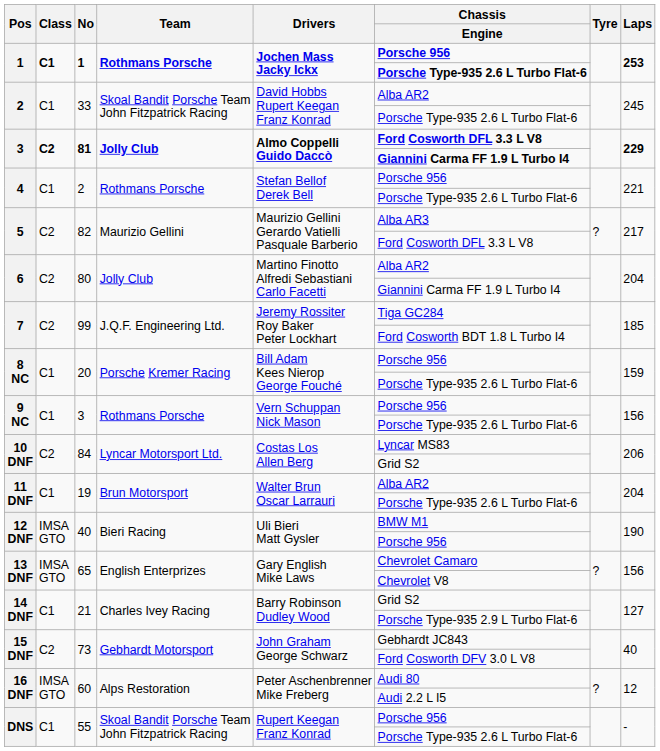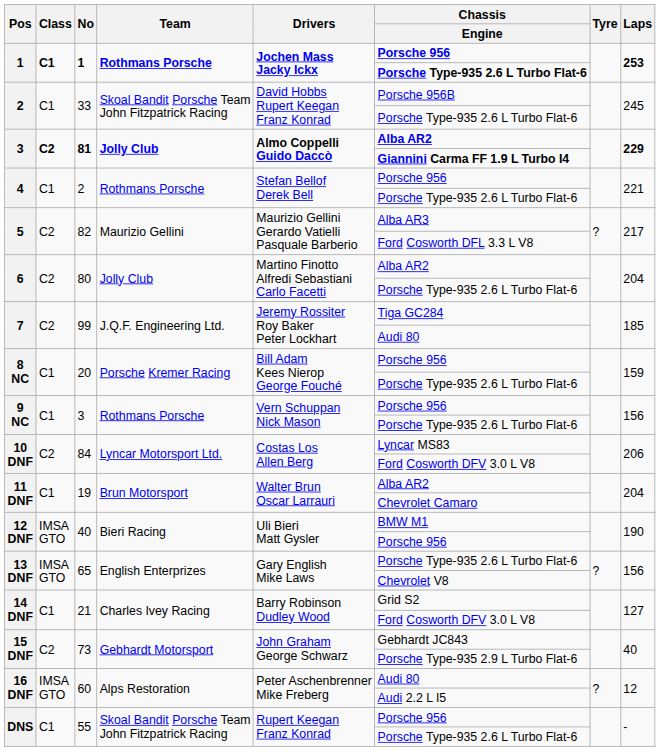 <table class="wikitable" style="font-size: 95%;">
 <tr>
 <th rowspan=2>Pos</th>
 <th rowspan=2>Class</th>
 <th rowspan=2>No</th>
 <th rowspan=2>Team</th>
 <th rowspan=2>Drivers</th>
 <th>Chassis</th>
 <th rowspan=2>Tyre</th>
 <th rowspan=2>Laps</th>
 </tr>
 <tr>
 <th>Engine</th>
 </tr>
 <tr style="font-weight:bold">
 <th rowspan=2>1</th>
 <td rowspan=2>C1</td>
 <td rowspan=2>1</td>
 <td rowspan=2> <a href='#'>Rothmans Porsche</a></td>
 <td rowspan=2> <a href='#'>Jochen Mass</a><br> <a href='#'>Jacky Ickx</a></td>
 <td><a href='#'>Porsche 956</a></td>
 <td rowspan=2></td>
 <td rowspan=2>253</td>
 </tr>
 <tr style="font-weight:bold">
 <td><a href='#'>Porsche</a> Type-935 2.6 L Turbo Flat-6</td>
 </tr>
 <tr>
 <th rowspan=2>2</th>
 <td rowspan=2>C1</td>
 <td rowspan=2>33</td>
 <td rowspan=2> <a href='#'>Skoal Bandit</a> <a href='#'>Porsche</a> Team<br> John Fitzpatrick Racing</td>
 <td rowspan=2> <a href='#'>David Hobbs</a><br> <a href='#'>Rupert Keegan</a><br> <a href='#'>Franz Konrad</a></td>
-<td><a href='#'>Alba AR2</a></td>
+<td><a href='#'>Porsche 956B</a></td>
 <td rowspan=2></td>
 <td rowspan=2>245</td>
 </tr>
 <tr>
 <td><a href='#'>Porsche</a> Type-935 2.6 L Turbo Flat-6</td>
 </tr>
 <tr style="font-weight:bold">
 <th rowspan=2>3</th>
 <td rowspan=2>C2</td>
 <td rowspan=2>81</td>
 <td rowspan=2> <a href='#'>Jolly Club</a></td>
 <td rowspan=2> Almo Coppelli<br> <a href='#'>Guido Daccò</a></td>
-<td><a href='#'>Ford</a> <a href='#'>Cosworth DFL</a> 3.3 L V8</td>
+<td><a href='#'>Alba AR2</a></td>
 <td rowspan=2></td>
 <td rowspan=2>229</td>
 </tr>
 <tr style="font-weight:bold">
 <td><a href='#'>Giannini</a> Carma FF 1.9 L Turbo I4</td>
 </tr>
 <tr>
 <th rowspan=2>4</th>
 <td rowspan=2>C1</td>
 <td rowspan=2>2</td>
 <td rowspan=2> <a href='#'>Rothmans Porsche</a></td>
 <td rowspan=2> <a href='#'>Stefan Bellof</a><br> <a href='#'>Derek Bell</a></td>
 <td><a href='#'>Porsche 956</a></td>
 <td rowspan=2></td>
 <td rowspan=2>221</td>
 </tr>
 <tr>
 <td><a href='#'>Porsche</a> Type-935 2.6 L Turbo Flat-6</td>
 </tr>
 <tr>
 <th rowspan=2>5</th>
 <td rowspan=2>C2</td>
 <td rowspan=2>82</td>
 <td rowspan=2> Maurizio Gellini</td>
 <td rowspan=2> Maurizio Gellini<br> Gerardo Vatielli<br> Pasquale Barberio</td>
 <td><a href='#'>Alba AR3</a></td>
 <td rowspan=2>?</td>
 <td rowspan=2>217</td>
 </tr>
 <tr>
 <td><a href='#'>Ford</a> <a href='#'>Cosworth DFL</a> 3.3 L V8</td>
 </tr>
 <tr>
 <th rowspan=2>6</th>
 <td rowspan=2>C2</td>
 <td rowspan=2>80</td>
 <td rowspan=2> <a href='#'>Jolly Club</a></td>
 <td rowspan=2> Martino Finotto<br> Alfredi Sebastiani<br> <a href='#'>Carlo Facetti</a></td>
 <td><a href='#'>Alba AR2</a></td>
 <td rowspan=2></td>
 <td rowspan=2>204</td>
 </tr>
 <tr>
-<td><a href='#'>Giannini</a> Carma FF 1.9 L Turbo I4</td>
+<td><a href='#'>Porsche</a> Type-935 2.6 L Turbo Flat-6</td>
 </tr>
 <tr>
 <th rowspan=2>7</th>
 <td rowspan=2>C2</td>
 <td rowspan=2>99</td>
 <td rowspan=2> J.Q.F. Engineering Ltd.</td>
 <td rowspan=2> <a href='#'>Jeremy Rossiter</a><br> Roy Baker<br> Peter Lockhart</td>
 <td><a href='#'>Tiga GC284</a></td>
 <td rowspan=2></td>
 <td rowspan=2>185</td>
 </tr>
 <tr>
-<td><a href='#'>Ford</a> <a href='#'>Cosworth</a> BDT 1.8 L Turbo I4</td>
+<td><a href='#'>Audi 80</a></td>
 </tr>
 <tr>
 <th rowspan=2>8<br>NC</th>
 <td rowspan=2>C1</td>
 <td rowspan=2>20</td>
 <td rowspan=2> <a href='#'>Porsche</a> <a href='#'>Kremer Racing</a></td>
 <td rowspan=2> <a href='#'>Bill Adam</a><br> Kees Nierop<br> <a href='#'>George Fouché</a></td>
 <td><a href='#'>Porsche 956</a></td>
 <td rowspan=2></td>
 <td rowspan=2>159</td>
 </tr>
 <tr>
 <td><a href='#'>Porsche</a> Type-935 2.6 L Turbo Flat-6</td>
 </tr>
 <tr>
 <th rowspan=2>9<br>NC</th>
 <td rowspan=2>C1</td>
 <td rowspan=2>3</td>
 <td rowspan=2> <a href='#'>Rothmans Porsche</a></td>
 <td rowspan=2> <a href='#'>Vern Schuppan</a><br> <a href='#'>Nick Mason</a></td>
 <td><a href='#'>Porsche 956</a></td>
 <td rowspan=2></td>
 <td rowspan=2>156</td>
 </tr>
 <tr>
 <td><a href='#'>Porsche</a> Type-935 2.6 L Turbo Flat-6</td>
 </tr>
 <tr>
 <th rowspan=2>10<br>DNF</th>
 <td rowspan=2>C2</td>
 <td rowspan=2>84</td>
 <td rowspan=2> <a href='#'>Lyncar Motorsport Ltd.</a></td>
 <td rowspan=2> <a href='#'>Costas Los</a><br> <a href='#'>Allen Berg</a></td>
 <td><a href='#'>Lyncar</a> MS83</td>
 <td rowspan=2></td>
 <td rowspan=2>206</td>
 </tr>
 <tr>
-<td>Grid S2</td>
+<td><a href='#'>Ford</a> <a href='#'>Cosworth DFV</a> 3.0 L V8</td>
 </tr>
 <tr>
 <th rowspan=2>11<br>DNF</th>
 <td rowspan=2>C1</td>
 <td rowspan=2>19</td>
 <td rowspan=2> <a href='#'>Brun Motorsport</a></td>
 <td rowspan=2> <a href='#'>Walter Brun</a><br> <a href='#'>Oscar Larrauri</a></td>
 <td><a href='#'>Alba AR2</a></td>
 <td rowspan=2></td>
 <td rowspan=2>204</td>
 </tr>
 <tr>
-<td><a href='#'>Porsche</a> Type-935 2.6 L Turbo Flat-6</td>
+<td><a href='#'>Chevrolet Camaro</a></td>
 </tr>
 <tr>
 <th rowspan=2>12<br>DNF</th>
 <td rowspan=2>IMSA<br>GTO</td>
 <td rowspan=2>40</td>
 <td rowspan=2> Bieri Racing</td>
 <td rowspan=2> Uli Bieri<br> Matt Gysler</td>
 <td><a href='#'>BMW M1</a></td>
 <td rowspan=2></td>
 <td rowspan=2>190</td>
 </tr>
 <tr>
 <td><a href='#'>Porsche 956</a></td>
 </tr>
 <tr>
 <th rowspan=2>13<br>DNF</th>
 <td rowspan=2>IMSA<br>GTO</td>
 <td rowspan=2>65</td>
 <td rowspan=2> English Enterprizes</td>
 <td rowspan=2> Gary English<br> Mike Laws</td>
-<td><a href='#'>Chevrolet Camaro</a></td>
+<td><a href='#'>Porsche</a> Type-935 2.6 L Turbo Flat-6</td>
 <td rowspan=2>?</td>
 <td rowspan=2>156</td>
 </tr>
 <tr>
 <td><a href='#'>Chevrolet</a> V8</td>
 </tr>
 <tr>
 <th rowspan=2>14<br>DNF</th>
 <td rowspan=2>C1</td>
 <td rowspan=2>21</td>
 <td rowspan=2> Charles Ivey Racing</td>
 <td rowspan=2> Barry Robinson<br> <a href='#'>Dudley Wood</a></td>
 <td>Grid S2</td>
 <td rowspan=2></td>
 <td rowspan=2>127</td>
 </tr>
 <tr>
-<td><a href='#'>Porsche</a> Type-935 2.9 L Turbo Flat-6</td>
+<td><a href='#'>Ford</a> <a href='#'>Cosworth DFV</a> 3.0 L V8</td>
 </tr>
 <tr>
 <th rowspan=2>15<br>DNF</th>
 <td rowspan=2>C2</td>
 <td rowspan=2>73</td>
 <td rowspan=2> <a href='#'>Gebhardt Motorsport</a></td>
 <td rowspan=2> <a href='#'>John Graham</a><br> George Schwarz</td>
 <td>Gebhardt JC843</td>
 <td rowspan=2></td>
 <td rowspan=2>40</td>
 </tr>
 <tr>
-<td><a href='#'>Ford</a> <a href='#'>Cosworth DFV</a> 3.0 L V8</td>
+<td><a href='#'>Porsche</a> Type-935 2.9 L Turbo Flat-6</td>
 </tr>
 <tr>
 <th rowspan=2>16<br>DNF</th>
 <td rowspan=2>IMSA<br>GTO</td>
 <td rowspan=2>60</td>
 <td rowspan=2> Alps Restoration</td>
 <td rowspan=2> Peter Aschenbrenner<br> Mike Freberg</td>
 <td><a href='#'>Audi 80</a></td>
 <td rowspan=2>?</td>
 <td rowspan=2>12</td>
 </tr>
 <tr>
 <td><a href='#'>Audi</a> 2.2 L I5</td>
 </tr>
 <tr>
 <th rowspan=2>DNS</th>
 <td rowspan=2>C1</td>
 <td rowspan=2>55</td>
 <td rowspan=2> <a href='#'>Skoal Bandit</a> <a href='#'>Porsche</a> Team<br> John Fitzpatrick Racing</td>
 <td rowspan=2> <a href='#'>Rupert Keegan</a><br> <a href='#'>Franz Konrad</a></td>
 <td><a href='#'>Porsche 956</a></td>
 <td rowspan=2></td>
 <td rowspan=2>-</td>
 </tr>
 <tr>
 <td><a href='#'>Porsche</a> Type-935 2.6 L Turbo Flat-6</td>
 </tr>
 </table>
